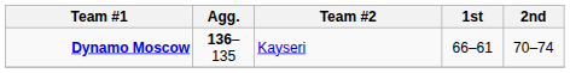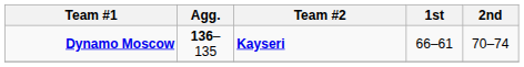 <table class=wikitable style="text-align:center">
 <tr>
 <th width=200>Team #1</th>
 <th width=60>Agg.</th>
 <th width=200>Team #2</th>
 <th width=60>1st</th>
 <th width=60>2nd</th>
 </tr>
 <tr>
 <td align=right><strong><a href='#'>Dynamo Moscow</a></strong> </td>
 <td><strong>136</strong>–135</td>
-<td align=left> <a href='#'>Kayseri</a></td>
+<td align=left><strong> <a href='#'>Kayseri</a></strong></td>
 <td align=center>66–61</td>
 <td align=center>70–74</td>
 </tr>
 <tr>
 </tr>
 </table>
